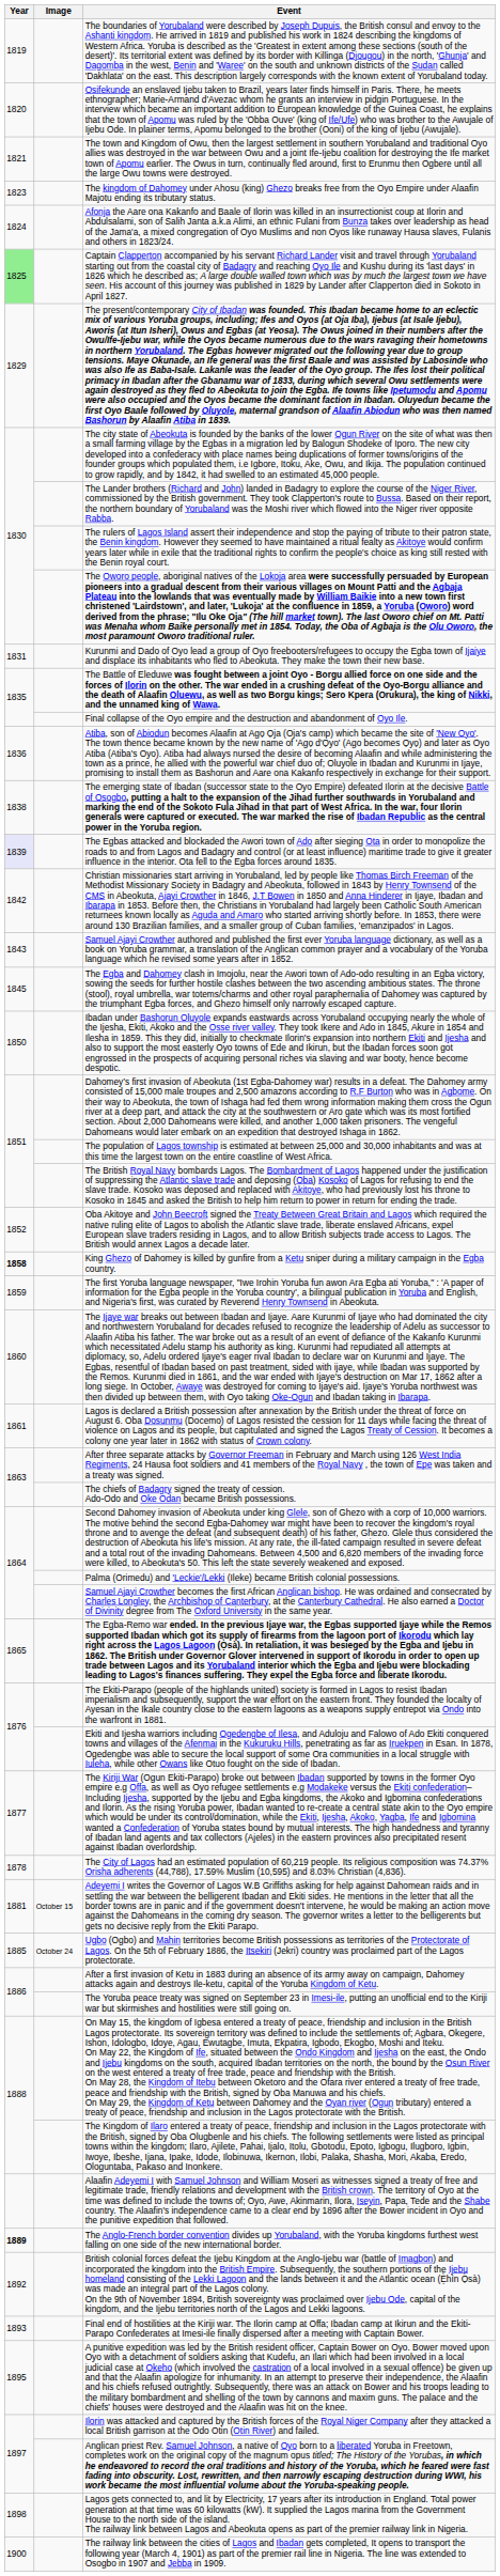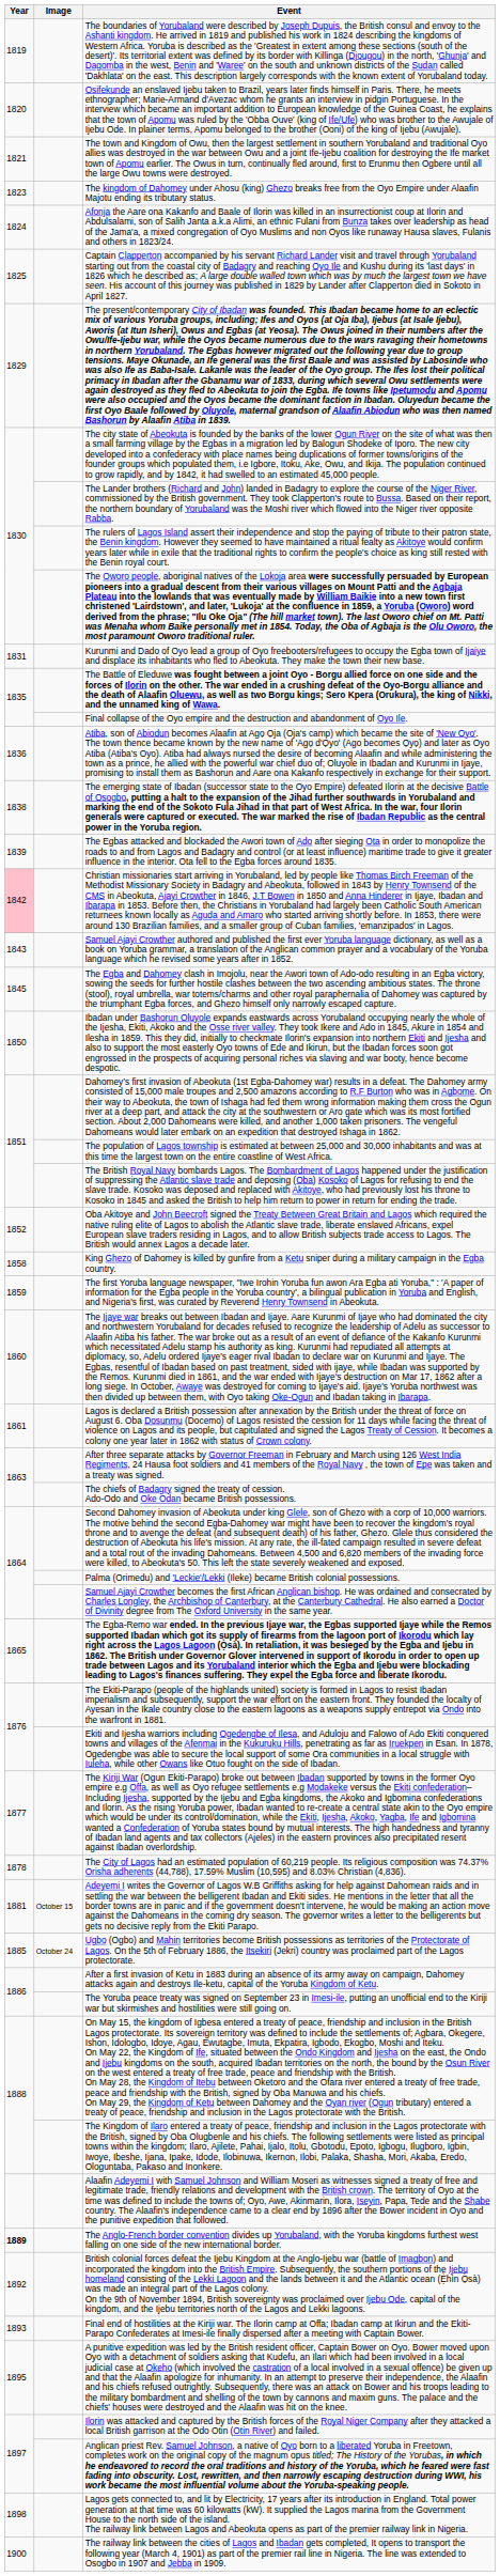 <table class="wikitable" width="100%">
 <tr>
 <th style="width:6%">Year</th>
 <th style="width:10%">Image</th>
 <th>Event</th>
 </tr>
 <tr>
 <td>1819</td>
 <td></td>
 <td>The boundaries of <a href='#'>Yorubaland</a> were described by <a href='#'>Joseph Dupuis</a>, the British consul and envoy to the <a href='#'>Ashanti kingdom</a>. He arrived in 1819 and published his work in 1824 describing the kingdoms of Western Africa. Yoruba is described as the 'Greatest in extent among these sections (south of the desert)'. Its territorial extent was defined by its border with Killinga (<a href='#'>Djougou</a>) in the north, '<a href='#'>Ghunja</a>' and <a href='#'>Dagomba</a> in the west, <a href='#'>Benin</a> and '<a href='#'>Waree</a>' on the south and unknown districts of the <a href='#'>Sudan</a> called 'Dakhlata' on the east. This description largely corresponds with the known extent of Yorubaland today.</td>
 </tr>
 <tr>
 <td>1820</td>
 <td></td>
 <td><a href='#'>Osifekunde</a> an enslaved Ijebu taken to Brazil, years later finds himself in Paris. There, he meets ethnographer; Marie-Armand d'Avezac whom he grants an interview in pidgin Portuguese. In the interview which became an important addition to European knowledge of the Guinea Coast, he explains that the town of <a href='#'>Apomu</a> was ruled by the <small></small> 'Obba Ouve' (king of <a href='#'>Ife/Ufe</a>) who was brother to the Awujale of Ijebu Ode. In plainer terms, Apomu belonged to the brother (Ooni) of the king of Ijebu (Awujale).</td>
 </tr>
 <tr>
 <td>1821</td>
 <td></td>
 <td>The town and Kingdom of Owu, then the largest settlement in southern Yorubaland and traditional Oyo allies was destroyed in the war between Owu and a joint Ife-Ijebu coalition for destroying the Ife market town of <a href='#'>Apomu</a> earlier. The Owus in turn, continually fled around, first to Erunmu then Ogbere until all the large Owu towns were destroyed.</td>
 </tr>
 <tr>
 <td>1823</td>
 <td></td>
 <td>The <a href='#'>kingdom of Dahomey</a> under Ahosu (king) <a href='#'>Ghezo</a> breaks free from the Oyo Empire under Alaafin Majotu ending its tributary status.</td>
 </tr>
 <tr>
 <td>1824</td>
 <td></td>
 <td><a href='#'>Afonja</a> the Aare ona Kakanfo and Baale of Ilorin was killed in an insurrectionist coup at Ilorin and Abdulsalami, son of Salih Janta a.k.a Alimi, an ethnic Fulani from <a href='#'>Bunza</a> takes over leadership as head of the Jama'a, a mixed congregation of Oyo Muslims and non Oyos like runaway Hausa slaves, Fulanis and others in 1823/24.</td>
 </tr>
 <tr>
-<td style="background: lightgreen;">1825</td>
+<td>1825</td>
 <td><small></small></td>
 <td>Captain <a href='#'>Clapperton</a> accompanied by his servant <a href='#'>Richard Lander</a> visit and travel through <a href='#'>Yorubaland</a> starting out from the coastal city of <a href='#'>Badagry</a> and reaching <a href='#'>Oyo Ile</a> and Kushu during its 'last days' in 1826 which he described as; <em>A large double walled town which was by much the largest town we have seen</em>. His account of this journey was published in 1829 by Lander after Clapperton died in Sokoto in April 1827.</td>
 </tr>
 <tr>
 <td>1829</td>
 <td></td>
 <td>The present/contemporary <em><a href='#'>City of Ibadan</a><strong> was founded. This Ibadan became home to an eclectic mix of various Yoruba groups, including; Ifes and Oyos (at Oja Iba), Ijebus (at Isale Ijebu), Aworis (at Itun Isheri), Owus and Egbas (at Yeosa). The Owus joined in their numbers after the Owu/Ife-Ijebu war, while the Oyos became numerous due to the wars ravaging their hometowns in northern <a href='#'>Yorubaland</a>. The Egbas however migrated out the following year due to group tensions. Maye Okunade, an Ife general was the first Baale and was assisted by Labosinde who was also Ife as Baba-Isale. Lakanle was the leader of the Oyo group. The Ifes lost their political primacy in Ibadan after the Gbanamu war of 1833, during which several Owu settlements were again destroyed as they fled to Abeokuta to join the Egba. Ife towns like <a href='#'>Ipetumodu</a> and <a href='#'>Apomu</a> were also occupied and the Oyos became the dominant faction in Ibadan. Oluyedun became the first Oyo Baale followed by <a href='#'>Oluyole</a>, maternal grandson of <a href='#'>Alaafin Abiodun</a> who was then named <a href='#'>Bashorun</a> by Alaafin <a href='#'>Atiba</a> in 1839.</td>
 </tr>
 <tr>
 <td rowspan="4" valign="middle">1830</td>
 <td></td>
 <td>The city state of <a href='#'>Abeokuta</a> is founded by the banks of the lower <a href='#'>Ogun River</a> on the site of what was then a small farming village by the Egbas in a migration led by Balogun Shodeke of Iporo. The new city developed into a confederacy with place names being duplications of former towns/origins of the founder groups which populated them, i.e Igbore, Itoku, Ake, Owu, and Ikija. The population continued to  grow rapidly, and by 1842, it had swelled to an estimated 45,000 people.</td>
 </tr>
 <tr>
 <td></td>
 <td>The Lander brothers (<a href='#'>Richard</a> and <a href='#'>John</a>) landed in Badagry to explore the course of the <a href='#'>Niger River</a>, commissioned by the British government. They took Clapperton's route to <a href='#'>Bussa</a>. Based on their report, the northern boundary of <a href='#'>Yorubaland</a> was the Moshi river which flowed into the Niger river opposite <a href='#'>Rabba</a>.</td>
 </tr>
 <tr>
 <td></td>
 <td>The rulers of <a href='#'>Lagos Island</a> assert their independence and stop the paying of tribute to their patron state, the <a href='#'>Benin kingdom</a>. However they seemed to have maintained a ritual fealty as <a href='#'>Akitoye</a> would confirm years later while in exile that the traditional rights to confirm the people's choice as king still rested with the Benin royal court.</td>
 </tr>
 <tr>
 <td><br></td>
 <td>The <a href='#'>Oworo people</a>, aboriginal </strong>natives of the <a href='#'>Lokoja</a> area<strong> were successfully persuaded by European pioneers into a gradual descent from their various villages on Mount Patti and the <a href='#'>Agbaja Plateau</a> into the lowlands that was eventually made by <a href='#'>William Baikie</a> into a new town first christened 'Lairdstown', and later, 'Lukoja' at the confluence in 1859, a <a href='#'>Yoruba</a> (<a href='#'>Oworo</a>) word derived from the phrase; "</em>Ilu Oke Oja<em>" (The hill <a href='#'>market</a> town). The last Oworo chief on Mt. Patti was Menaha whom Baike personally met in 1854. Today, the Oba of Agbaja is the <a href='#'>Olu Oworo</a>, the most paramount Oworo traditional ruler.</td>
 </tr>
 <tr>
 <td>1831</td>
 <td></td>
 <td>Kurunmi and Dado of Oyo lead a group of Oyo freebooters/refugees to occupy the Egba town of <a href='#'>Ijaiye</a> and displace its inhabitants who fled to Abeokuta. They make the town their new base.</td>
 </tr>
 <tr>
 <td rowspan="2" valign="middle">1835</td>
 <td></td>
 <td>The </strong>Battle of Eleduwe<strong> was fought between a joint Oyo - Borgu allied force on one side and the forces of <a href='#'>Ilorin</a> on the other. The war ended in a crushing defeat of the Oyo-Borgu alliance and the death of Alaafin <a href='#'>Oluewu</a>, as well as two Borgu kings; Sero Kpera (Orukura), the king of <a href='#'>Nikki</a>, and the unnamed king of <a href='#'>Wawa</a>.</td>
 </tr>
 <tr>
 <td></td>
 <td>Final collapse of the Oyo empire and the destruction and abandonment of <a href='#'>Oyo Ile</a>.</td>
 </tr>
 <tr>
 <td>1836</td>
 <td></td>
 <td><a href='#'>Atiba</a>, son of <a href='#'>Abiodun</a> becomes Alaafin at Agọ Ọja (Oja's camp) which became the site of <a href='#'>'New Oyo'</a>. The town thence became known by the new name of 'Agọ d'Ọyo' (Ago becomes Ọyọ) and later as Oyo Atiba (Atiba's Oyo). Atiba had always nursed the desire of becoming Alaafin and while administering the town as a prince, he allied with the powerful war chief duo of; Oluyole in Ibadan and Kurunmi in Ijaye, promising to install them as Bashorun and Aare ona Kakanfo respectively in exchange for their support.</td>
 </tr>
 <tr>
 <td>1838</td>
 <td></td>
 <td>The emerging state of Ibadan (successor state to the Oyo Empire) defeated Ilorin at the decisive </strong><a href='#'>Battle of Osogbo</a><strong>, putting a halt to the expansion of the Jihad further southwards in Yorubaland and marking the end of the Sokoto Fula Jihad in that part of West Africa. In the war, four Ilorin generals were captured or executed. The war marked the rise of <a href='#'>Ibadan Republic</a> as the central power in the Yoruba region.</td>
 </tr>
 <tr>
-<td style="background: lavender;">1839</td>
+<td>1839</td>
 <td></td>
 <td>The Egbas attacked and blockaded the Awori town of <a href='#'>Ado</a> after sieging <a href='#'>Ota</a> in order to monopolize the roads to and from Lagos and Badagry and control (or at least influence) maritime trade to give it greater influence in the interior. Ota fell to the Egba forces around 1835.</td>
 </tr>
 <tr>
-<td>1842</td>
+<td style="background: pink;">1842</td>
 <td></td>
 <td>Christian missionaries start arriving in Yorubaland, led by people like <a href='#'>Thomas Birch Freeman</a> of the Methodist Missionary Society in Badagry and Abeokuta, followed in 1843 by <a href='#'>Henry Townsend</a> of the <a href='#'>CMS</a> in Abeokuta, <a href='#'>Ajayi Crowther</a> in 1846, <a href='#'>J.T Bowen</a> in 1850 and <a href='#'>Anna Hinderer</a> in Ijaye, Ibadan and <a href='#'>Ibarapa</a> in 1853. Before then, the Christians in Yorubaland had largely been Catholic South American returnees known locally as <a href='#'>Aguda and Amaro</a> who started arriving shortly before. In 1853, there were around 130 Brazilian families, and a smaller group of Cuban families, 'emanzipados' in Lagos.</td>
 </tr>
 <tr>
 <td>1843</td>
 <td></td>
 <td><a href='#'>Samuel Ajayi Crowther</a> authored and published the first ever <a href='#'>Yoruba language</a> dictionary, as well as a book on Yoruba grammar, a translation of the Anglican common prayer and a vocabulary of the Yoruba language which he revised some years after in 1852.</td>
 </tr>
 <tr>
 <td>1845</td>
 <td></td>
 <td>The <a href='#'>Egba</a> and <a href='#'>Dahomey</a> clash in Imojolu, near the Awori town of Ado-odo resulting in an Egba victory, sowing the seeds for further hostile clashes between the two ascending ambitious states. The throne (stool), royal umbrella, war totems/charms and other royal paraphernalia of Dahomey was captured by the triumphant Egba forces, and Ghezo himself only narrowly escaped capture.</td>
 </tr>
 <tr>
 <td>1850</td>
 <td></td>
 <td>Ibadan under <a href='#'>Bashorun Oluyole</a> expands eastwards across Yorubaland occupying nearly the whole of the Ijesha, Ekiti, Akoko and the <a href='#'>Osse river valley</a>. They took Ikere and Ado in 1845, Akure in 1854 and Ilesha in 1859. This they did, initially to checkmate Ilorin's expansion into northern <a href='#'>Ekiti</a> and <a href='#'>Ijesha</a> and also to support the most easterly Oyo towns of Ede and Ikirun, but the Ibadan forces soon got engrossed in the prospects of acquiring personal riches via slaving and war booty, hence become despotic.</td>
 </tr>
 <tr>
 <td rowspan="3" valign="middle">1851</td>
 <td><small></small></td>
 <td>Dahomey’s first invasion of Abeokuta (1st Egba-Dahomey war) results in a defeat. The Dahomey army consisted of 15,000 male troupes and 2,500 amazons according to <a href='#'>R.F Burton</a> who was in <a href='#'>Agbome</a>. On their way to Abeokuta, the town of Ishaga had fed them wrong information making them cross the Ogun river at a deep part, and attack the city at the southwestern or Aro gate which was its most fortified section. About 2,000 Dahomeans were killed, and another 1,000 taken prisoners. The vengeful Dahomeans would later embark on an expedition that destroyed Ishaga in 1862.</td>
 </tr>
 <tr>
 <td></td>
 <td>The population of <a href='#'>Lagos township</a> is estimated at between 25,000 and 30,000 inhabitants and was at this time the largest town on the entire coastline of West Africa.</td>
 </tr>
 <tr>
 <td></td>
 <td>The British <a href='#'>Royal Navy</a> bombards Lagos. The <a href='#'>Bombardment of Lagos</a> happened under the justification of suppressing the <a href='#'>Atlantic slave trade</a> and deposing (<a href='#'>Oba</a>) <a href='#'>Kosoko</a> of Lagos for refusing to end the slave trade. Kosoko was deposed and replaced with <a href='#'>Akitoye</a>, who had previously lost his throne to Kosoko in 1845 and asked the British to help him return to power in return for ending the trade.</td>
 </tr>
 <tr>
 <td>1852</td>
 <td><small></small></td>
 <td>Oba Akitoye and <a href='#'>John Beecroft</a> signed the <a href='#'>Treaty Between Great Britain and Lagos</a> which required the native ruling elite of Lagos to abolish the Atlantic slave trade, liberate enslaved Africans, expel European slave traders residing in Lagos, and to allow British subjects trade access to Lagos. The British would annex Lagos a decade later.</td>
 </tr>
 <tr>
-<td><strong>1858</strong></td>
+<td>1858</td>
 <td></td>
 <td>King <a href='#'>Ghezo</a> of Dahomey is killed by gunfire from a <a href='#'>Ketu</a> sniper during a military campaign in the <a href='#'>Egba</a> country.</td>
 </tr>
 <tr>
 <td>1859</td>
 <td><small></small></td>
 <td>The first Yoruba language newspaper, "Iwe Irohin Yoruba fun awon Ara Egba ati Yoruba," : 'A paper of information for the Egba people in the Yoruba country', a bilingual publication in <a href='#'>Yoruba</a> and English, and Nigeria's first, was curated by Reverend <a href='#'>Henry Townsend</a> in Abeokuta.</td>
 </tr>
 <tr>
 <td>1860</td>
 <td></td>
 <td>The <a href='#'>Ijaye war</a> breaks out between Ibadan and Ijaye. Aare Kurunmi of Ijaye who had dominated the city and northwestern Yorubaland for decades refused to recognize the leadership of Adelu as successor to Alaafin Atiba his father. The war broke out as a result of an event of defiance of the Kakanfo Kurunmi which necessitated Adelu stamp his authority as king. Kurunmi had repudiated all attempts at diplomacy,  so, Adelu ordered Ijaye's eager rival Ibadan to declare war on Kurunmi and Ijaye. The Egbas, resentful of Ibadan based on past treatment, sided with ijaye, while Ibadan was supported by the Remos. Kurunmi died in 1861, and the war ended with Ijaye's destruction on Mar 17, 1862 after a long siege. In October, <a href='#'>Awaye</a> was destroyed for coming to Ijaye's aid. Ijaye's Yoruba northwest was then divided up between them, with Oyo taking <a href='#'>Oke-Ogun</a> and Ibadan taking in <a href='#'>Ibarapa</a>.</td>
 </tr>
 <tr>
 <td>1861</td>
 <td><br><small></small></td>
 <td>Lagos is declared a British possession after annexation by the British under the threat of force on August 6. Oba <a href='#'>Dosunmu</a> (Docemo) of Lagos resisted the cession for 11 days while facing the threat of violence on Lagos and its people, but capitulated and signed the Lagos <a href='#'>Treaty of Cession</a>. It becomes a colony one year later in 1862 with status of <a href='#'>Crown colony</a>.</td>
 </tr>
 <tr>
 <td rowspan="2" valign="middle">1863</td>
 <td><small></small></td>
 <td>After three separate attacks by <a href='#'>Governor Freeman</a> in February and March using 126 <a href='#'>West India Regiments</a>, 24 Hausa foot soldiers and 41 members of the <a href='#'>Royal Navy</a> , the town of <a href='#'>Epe</a> was taken and a treaty was signed.</td>
 </tr>
 <tr>
 <td></td>
 <td>The chiefs of <a href='#'>Badagry</a> signed the treaty of cession.<br> Ado-Odo and <a href='#'>Oke Odan</a> became British possessions.</td>
 </tr>
 <tr>
 <td rowspan="3" valign="middle">1864</td>
 <td><small></small></td>
 <td>Second Dahomey invasion of Abeokuta under king <a href='#'>Glele</a>, son of Ghezo with a corp of 10,000 warriors. The motive behind the second Egba-Dahomey war might have been to recover the kingdom's royal throne and to avenge the defeat (and subsequent death) of his father, Ghezo. Glele thus considered the destruction of Abeokuta his life's mission. At any rate, the ill-fated campaign resulted in severe defeat and a total rout of the invading Dahomeans. Between 4,500 and 6,820 members of the invading force were killed, to Abeokuta's 50. This left the state severely weakened and exposed.</td>
 </tr>
 <tr>
 <td></td>
 <td>Palma (Orimedu) and <a href='#'>'Leckie'/Lekki</a> (Ileke) became British colonial possessions.</td>
 </tr>
 <tr>
 <td><small></small></td>
 <td><a href='#'>Samuel Ajayi Crowther</a> becomes the first African <a href='#'>Anglican bishop</a>. He was ordained and consecrated by <a href='#'>Charles Longley</a>, the <a href='#'>Archbishop of Canterbury</a>, at the <a href='#'>Canterbury Cathedral</a>. He also earned a <a href='#'>Doctor of Divinity</a> degree from The <a href='#'>Oxford University</a> in the same year.</td>
 </tr>
 <tr>
 <td>1865</td>
 <td><small></small></td>
 <td>The </strong>Egba-Remo war<strong> ended. In the previous Ijaye war, the Egbas supported Ijaye while the Remos supported Ibadan which got its supply of firearms from the lagoon port of <a href='#'>Ikorodu</a> which lay right across the <a href='#'>Lagos Lagoon</a> (Ọ̀sà). In retaliation, it was besieged by the Egba and Ijebu in 1862. The British under Governor Glover intervened in support of Ikorodu in order to open up trade between Lagos and its <a href='#'>Yorubaland</a> interior which the Egba and Ijebu were blockading leading to Lagos's finances suffering. They expel the Egba force and liberate Ikorodu.</td>
 </tr>
 <tr>
 <td rowspan="2" valign="middle">1876</td>
 <td></td>
 <td>The Ekiti-Parapo (people of the highlands united) society is formed in Lagos to resist Ibadan imperialism and subsequently, support the war effort on the eastern front. They founded the localty of Ayesan in the Ikale country close to the eastern lagoons as a weapons supply entrepot via <a href='#'>Ondo</a> into the warfront in 1881.</td>
 </tr>
 <tr>
 <td></td>
 <td>Ekiti and Ijesha warriors including <a href='#'>Ogedengbe of Ilesa</a>, and Aduloju and Falowo of Ado Ekiti conquered towns and villages of the <a href='#'>Afenmai</a> in the <a href='#'>Kukuruku Hills</a>, penetrating as far as <a href='#'>Iruekpen</a> in Esan. In 1878, Ogedengbe was able to secure the local support of some Ora communities in a local struggle with <a href='#'>Iuleha</a>, while other <a href='#'>Owans</a> like Otuo fought on the side of Ibadan.</td>
 </tr>
 <tr>
 <td>1877</td>
 <td><small></small></td>
 <td>The <a href='#'>Kiriji War</a> (Ogun Ekiti-Parapo) broke out between <a href='#'>Ibadan</a> supported by towns in the former Oyo empire e.g <a href='#'>Offa</a>, as well as Oyo refugee settlements e.g <a href='#'>Modakeke</a> versus the <a href='#'>Ekiti confederation</a>–Including <a href='#'>Ijesha</a>, supported by the Ijebu and Egba kingdoms, the Akoko and Igbomina confederations and Ilorin. As the rising Yoruba power, Ibadan wanted to re-create a central state akin to the Oyo empire which would be under its control/domination, while the <a href='#'>Ekiti</a>, <a href='#'>Ijesha</a>, <a href='#'>Akoko</a>, <a href='#'>Yagba</a>, <a href='#'>Ife</a> and <a href='#'>Igbomina</a> wanted a <a href='#'>Confederation</a> of Yoruba states bound by mutual interests. The high handedness and tyranny of Ibadan land agents and tax collectors (Ajeles) in the eastern provinces also precipitated resent against Ibadan overlordship.</td>
 </tr>
 <tr>
 <td>1878</td>
 <td><small> </small></td>
 <td>The <a href='#'>City of Lagos</a> had an estimated population of 60,219 people. Its religious composition was 74.37% <a href='#'>Orisha adherents</a> (44,788), 17.59% Muslim (10,595) and 8.03% Christian (4,836).</td>
 </tr>
 <tr>
 <td>1881</td>
 <td><small>October 15</small></td>
 <td><a href='#'>Adeyemi I</a> writes the Governor of Lagos W.B Griffiths asking for help against Dahomean raids and in settling the war between the belligerent Ibadan and Ekiti sides. He mentions in the letter that all the border towns are in panic and if the government doesn't intervene, he would be making an action move against the Dahomeans in the coming dry season. The governor writes a letter to the belligerents but gets no decisive reply from the Ekiti Parapo.</td>
 </tr>
 <tr>
 <td>1885</td>
 <td><small>October 24</small></td>
 <td><a href='#'>Ugbo</a> (Ogbo) and <a href='#'>Mahin</a> territories become British possessions as territories of the <a href='#'>Protectorate of Lagos</a>. On the 5th of February 1886, the <a href='#'>Itsekiri</a> (Jekri) country was proclaimed part of the Lagos protectorate.</td>
 </tr>
 <tr>
 <td rowspan="2" valign="middle">1886</td>
 <td></td>
 <td>After a first invasion of Ketu in 1883 during an absence of its army away on campaign, Dahomey attacks again and destroys Ile-ketu, capital of the Yoruba <a href='#'>Kingdom of Ketu</a>.</td>
 </tr>
 <tr>
 <td><small></small></td>
 <td>The Yoruba peace treaty was signed on September 23 in <a href='#'>Imesi-ile</a>, putting an unofficial end to the Kiriji war but skirmishes and hostilities were still going on.</td>
 </tr>
 <tr>
 <td rowspan="2" valign="middle">1888</td>
 <td><small></small></td>
 <td>On May 15, the kingdom of Igbesa entered a treaty of peace, friendship and inclusion in the British Lagos protectorate. Its sovereign territory was defined to include the settlements of; <small></small> Agbara, Okegere, Ishon, Idologbo, Idoye,  Agau, Ewutagbe, Imuta, Ekpatira, Igbodo, Ekogbo, Moshi and Iteku.<br> On May 22, the Kingdom of <a href='#'>Ife</a>, situated between the <a href='#'>Ondo Kingdom</a> and <a href='#'>Ijesha</a> on the east, the Ondo and <a href='#'>Ijebu</a> kingdoms on the south, acquired Ibadan territories on the north, the bound by the <a href='#'>Osun River</a> on the west entered a treaty of free trade, peace and friendship with the British.<br> On May 28, the <a href='#'>Kingdom of Itebu</a> between Oketoro and the Ofara river entered a treaty of free trade, peace and friendship with the British, signed by Oba Manuwa and his chiefs.<br> On May 29, the <a href='#'>Kingdom of Ketu</a> between Dahomey and the <a href='#'>Oyan river</a> (<a href='#'>Ogun</a> tributary) entered a treaty of peace, friendship and inclusion in the Lagos protectorate with the British.</td>
 </tr>
 <tr>
 <td><small></small></td>
 <td>The Kingdom of <a href='#'>Ilaro</a> entered a treaty of peace, friendship and inclusion in the Lagos protectorate with the British, signed by Oba Olugbenle and his chiefs. The following settlements were listed as principal towns within the kingdom; <small></small> Ilaro, Ajilete, Pahai, Ijalo, Itolu, Gbotodu, Epoto, Igbogu, Ilugboro, Igbin, Iwoye, Ibeshe, Ijana, Ipake, Idode, Ilobinuwa, Ikernon, Ilobi, Palaka, Shasha, Mori, Akaba, Eredo, Ologuntaba, Pakaso and Inonkere.</td>
 </tr>
 <tr>
 <td></td>
 <td><small></small></td>
 <td>Alaafin <a href='#'>Adeyemi I</a> with <a href='#'>Samuel Johnson</a> and William Moseri as witnesses signed a treaty of free and legitimate trade, friendly relations and development with the <a href='#'>British crown</a>. The territory of Oyo at the time was defined to include the towns of; <small></small> Oyo, Awe, Akinmarin, Ilora, <a href='#'>Iseyin</a>, Papa, Tede and the <a href='#'>Shabe</a> country. The Alaafin's independence came to a clear end by 1896 after the Bower incident in Oyo and the punitive expedition that followed.</td>
 </tr>
 <tr>
 <td><strong>1889</strong></td>
 <td><small></small></td>
 <td>The <a href='#'>Anglo-French border convention</a> divides up <a href='#'>Yorubaland</a>, with the Yoruba kingdoms furthest west falling on one side of the new international border.</td>
 </tr>
 <tr>
 <td>1892</td>
 <td><small></small></td>
 <td>British colonial forces defeat the Ijebu Kingdom at the Anglo-Ijebu war (battle of <a href='#'>Imagbon</a>) and incorporated the kingdom into the <a href='#'>British Empire</a>. Subsequently, the southern portions of the <a href='#'>Ijebu homeland</a> consisting of the <a href='#'>Lekki Lagoon</a> and the lands between it and the Atlantic ocean (Ẹ̀hìn Ọ̀sà) was made an integral part of the Lagos colony. <br>On the 9th of November 1894, British sovereignty was proclaimed over <a href='#'>Ijebu Ode</a>, capital of the kingdom, and the Ijebu territories north of the Lagos and Lekki lagoons.</td>
 </tr>
 <tr>
 <td>1893</td>
 <td><small></small></td>
 <td>Final end of hostilities at the Kiriji war. The Ilorin camp at Offa; Ibadan camp at Ikirun and the Ekiti-Parapo Confederates at Imesi-ile finally dispersed after a meeting with Captain Bower.</td>
 </tr>
 <tr>
 <td>1895</td>
 <td><small></small></td>
 <td>A punitive expedition was led by the British resident officer, Captain Bower on Oyo. Bower moved upon Oyo with a detachment of soldiers asking that Kudefu, an Ilari which had been involved in a local judicial case at <a href='#'>Okeho</a> (which involved the <a href='#'>castration</a> of a local involved in a sexual offence) be given up and that the Alaafin apologize for inhumanity. In an attempt to preserve their independence, the Alaafin and his chiefs refused outrightly. Subsequently, there was an attack on Bower and his troops leading to the military bombardment and shelling of the town by cannons and maxim guns. The palace and the chiefs' houses were destroyed and the Alaafin was hit on the knee.</td>
 </tr>
 <tr>
 <td rowspan="2" valign="middle">1897</td>
 <td><small></small></td>
 <td><a href='#'>Ilorin</a> was attacked and captured by the British forces of the <a href='#'>Royal Niger Company</a> after they attacked a local British garrison at the Odo Otin (<a href='#'>Otin River</a>) and failed.</td>
 </tr>
 <tr>
 <td></td>
 <td>Anglican priest Rev. <a href='#'>Samuel Johnson</a>, a native of <a href='#'>Oyo</a> born to a <a href='#'>liberated</a> Yoruba in Freetown, completes work on the original copy of the </em>magnum opus<em> titled; </strong>The History of the Yorubas<strong>, in which he endeavored to record the oral traditions and history of the Yoruba, which he feared were fast fading into obscurity. Lost, rewritten, and then narrowly escaping destruction during WWI, his work became the most influential volume about the Yoruba-speaking people.</td>
 </tr>
 <tr>
 <td>1898</td>
 <td><small></small></td>
 <td>Lagos gets connected to, and lit by Electricity, 17 years after its introduction in England. Total power generation at that time was 60 kilowatts (kW). It supplied the Lagos marina from the Government House to the north side of the island. <br>The railway link between Lagos and Abeokuta opens as part of the premier railway link in Nigeria.</td>
 </tr>
 <tr>
 <td rowspan="2" valign="middle">1900</td>
 <td></td>
 <td>The railway link between the cities of <a href='#'>Lagos</a> and <a href='#'>Ibadan</a> gets completed, It opens to transport the following year (March 4, 1901) as part of the premier rail line in Nigeria.  The line was extended to Osogbo in 1907 and <a href='#'>Jebba</a> in 1909.</td>
 </tr>
 </table>
